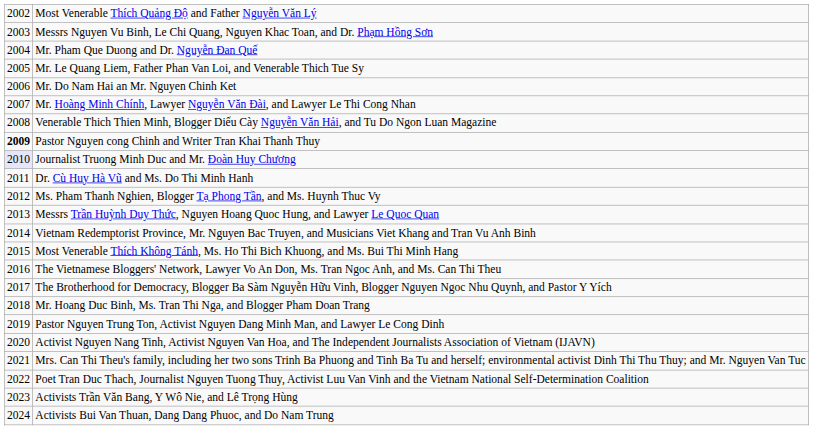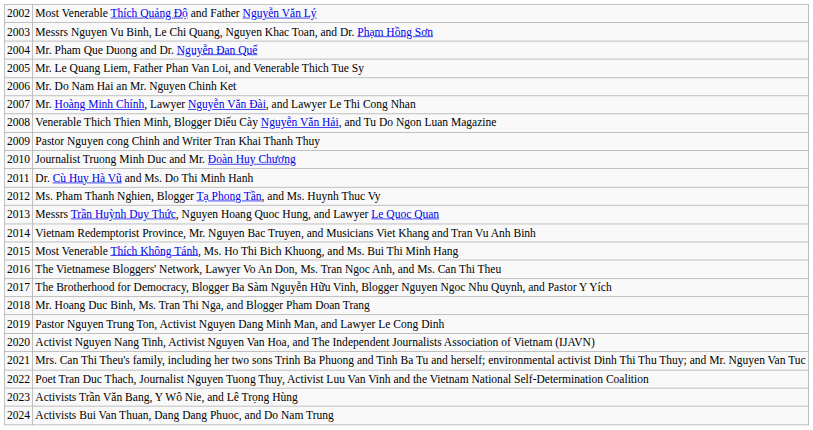 <table class="wikitable">
 <tr>
 <td>2002</td>
 <td>Most Venerable <a href='#'>Thích Quảng Độ</a> and Father <a href='#'>Nguyễn Văn Lý</a></td>
 </tr>
 <tr>
 <td>2003</td>
 <td>Messrs Nguyen Vu Binh, Le Chi Quang, Nguyen Khac Toan, and Dr. <a href='#'>Phạm Hồng Sơn</a></td>
 </tr>
 <tr>
 <td>2004</td>
 <td>Mr. Pham Que Duong and Dr. <a href='#'>Nguyễn Đan Quế</a></td>
 </tr>
 <tr>
 <td>2005</td>
 <td>Mr. Le Quang Liem, Father Phan Van Loi, and Venerable Thich Tue Sy</td>
 </tr>
 <tr>
 <td>2006</td>
 <td>Mr. Do Nam Hai an Mr. Nguyen Chinh Ket</td>
 </tr>
 <tr>
 <td>2007</td>
 <td>Mr. <a href='#'>Hoàng Minh Chính</a>, Lawyer <a href='#'>Nguyễn Văn Đài</a>, and Lawyer Le Thi Cong Nhan</td>
 </tr>
 <tr>
 <td>2008</td>
 <td>Venerable Thich Thien Minh, Blogger Diếu Cày <a href='#'>Nguyễn Văn Hải</a>, and Tu Do Ngon Luan Magazine</td>
 </tr>
 <tr>
-<td><strong>2009</strong></td>
+<td>2009</td>
 <td>Pastor Nguyen cong Chinh and Writer Tran Khai Thanh Thuy</td>
 </tr>
 <tr>
-<td style="background: lavender;">2010</td>
+<td>2010</td>
 <td>Journalist Truong Minh Duc and Mr. <a href='#'>Đoàn Huy Chương</a></td>
 </tr>
 <tr>
 <td>2011</td>
 <td>Dr. <a href='#'>Cù Huy Hà Vũ</a> and Ms. Do Thi Minh Hanh</td>
 </tr>
 <tr>
 <td>2012</td>
 <td>Ms. Pham Thanh Nghien, Blogger <a href='#'>Tạ Phong Tần</a>, and Ms. Huynh Thuc Vy</td>
 </tr>
 <tr>
 <td>2013</td>
 <td>Messrs <a href='#'>Trần Huỳnh Duy Thức</a>, Nguyen Hoang Quoc Hung, and Lawyer <a href='#'>Le Quoc Quan</a></td>
 </tr>
 <tr>
 <td>2014</td>
 <td>Vietnam Redemptorist Province, Mr. Nguyen Bac Truyen, and Musicians Viet Khang and Tran Vu Anh Binh</td>
 </tr>
 <tr>
 <td>2015</td>
 <td>Most Venerable <a href='#'>Thích Không Tánh</a>, Ms. Ho Thi Bich Khuong, and Ms. Bui Thi Minh Hang</td>
 </tr>
 <tr>
 <td>2016</td>
 <td>The Vietnamese Bloggers' Network, Lawyer Vo An Don, Ms. Tran Ngoc Anh, and Ms. Can Thi Theu</td>
 </tr>
 <tr>
 <td>2017</td>
 <td>The Brotherhood for Democracy, Blogger Ba Sàm Nguyễn Hữu Vinh, Blogger Nguyen Ngoc Nhu Quynh, and Pastor Y Yích</td>
 </tr>
 <tr>
 <td>2018</td>
 <td>Mr. Hoang Duc Binh, Ms. Tran Thi Nga, and Blogger Pham Doan Trang</td>
 </tr>
 <tr>
 <td>2019</td>
 <td>Pastor Nguyen Trung Ton, Activist Nguyen Dang Minh Man, and Lawyer Le Cong Dinh</td>
 </tr>
 <tr>
 <td>2020</td>
 <td>Activist Nguyen Nang Tinh, Activist Nguyen Van Hoa, and The Independent Journalists Association of Vietnam (IJAVN)</td>
 </tr>
 <tr>
 <td>2021</td>
 <td>Mrs. Can Thi Theu's family, including her two sons Trinh Ba Phuong and Tinh Ba Tu and herself; environmental activist Dinh Thi Thu Thuy; and Mr. Nguyen Van Tuc</td>
 </tr>
 <tr>
 <td>2022</td>
 <td>Poet Tran Duc Thach, Journalist Nguyen Tuong Thuy, Activist Luu Van Vinh and the Vietnam National Self-Determination Coalition</td>
 </tr>
 <tr>
 <td>2023</td>
 <td>Activists Trần Văn Bang, Y Wô Nie, and Lê Trọng Hùng</td>
 </tr>
 <tr>
 <td>2024</td>
 <td>Activists Bui Van Thuan, Dang Dang Phuoc, and Do Nam Trung</td>
 </tr>
 </table>
